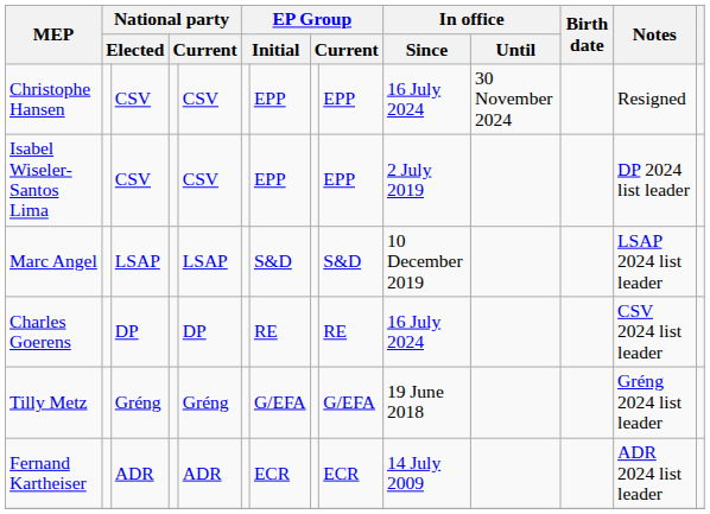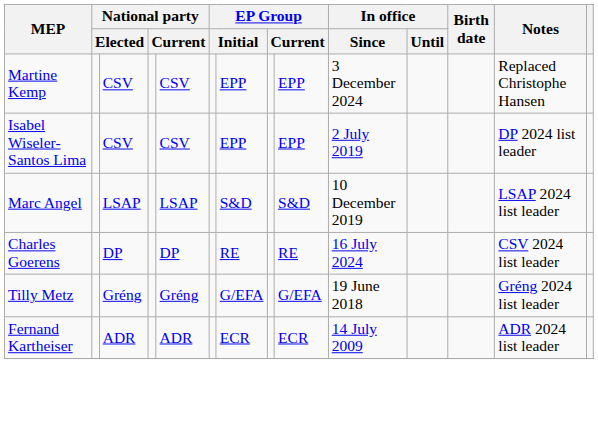 <table class="wikitable sortable" style="text-align:left">
 <tr>
 <th rowspan="2">MEP</th>
 <th colspan="4">National party</th>
 <th colspan="4"><a href='#'>EP Group</a></th>
 <th colspan="2">In office</th>
 <th rowspan="2">Birth date</th>
 <th rowspan="2">Notes</th>
 <th rowspan="2" class="unsortable"></th>
 </tr>
 <tr>
 <th colspan="2">Elected</th>
 <th colspan="2">Current</th>
 <th colspan="2">Initial</th>
 <th colspan="2">Current</th>
 <th>Since</th>
 <th>Until</th>
 </tr>
 <tr>
-<td><a href='#'>Christophe Hansen</a></td>
+<td><a href='#'>Martine Kemp</a></td>
 <td style="background: "></td>
 <td><a href='#'>CSV</a></td>
 <td style="background: "></td>
 <td><a href='#'>CSV</a></td>
 <td style="background: "></td>
 <td><a href='#'>EPP</a></td>
 <td style="background: "></td>
 <td><a href='#'>EPP</a></td>
-<td><a href='#'>16 July 2024</a></td>
-<td>30 November 2024</td>
+<td>3 December 2024</td>
 <td></td>
-<td>Resigned</td>
+<td></td>
+<td>Replaced Christophe Hansen</td>
 <td></td>
 </tr>
 <tr>
 <td><a href='#'>Isabel Wiseler-Santos Lima</a></td>
 <td style="background: "></td>
 <td><a href='#'>CSV</a></td>
 <td style="background: "></td>
 <td><a href='#'>CSV</a></td>
 <td style="background: "></td>
 <td><a href='#'>EPP</a></td>
 <td style="background: "></td>
 <td><a href='#'>EPP</a></td>
 <td><a href='#'>2 July 2019</a></td>
 <td></td>
 <td></td>
 <td><a href='#'>DP</a> 2024 list leader</td>
 <td></td>
 </tr>
 <tr>
 <td><a href='#'>Marc Angel</a></td>
 <td style="background: "></td>
 <td><a href='#'>LSAP</a></td>
 <td style="background: "></td>
 <td><a href='#'>LSAP</a></td>
 <td style="background: "></td>
 <td><a href='#'>S&D</a></td>
 <td style="background: "></td>
 <td><a href='#'>S&D</a></td>
 <td>10 December 2019</td>
 <td></td>
 <td></td>
 <td><a href='#'>LSAP</a> 2024 list leader</td>
 <td></td>
 </tr>
 <tr>
 <td><a href='#'>Charles Goerens</a></td>
 <td style="background: "></td>
 <td><a href='#'>DP</a></td>
 <td style="background: "></td>
 <td><a href='#'>DP</a></td>
 <td style="background: "></td>
 <td><a href='#'>RE</a></td>
 <td style="background: "></td>
 <td><a href='#'>RE</a></td>
 <td><a href='#'>16 July 2024</a></td>
 <td></td>
 <td></td>
 <td><a href='#'>CSV</a> 2024 list leader</td>
 <td></td>
 </tr>
 <tr>
 <td><a href='#'>Tilly Metz</a></td>
 <td style="background: "></td>
 <td><a href='#'>Gréng</a></td>
 <td style="background: "></td>
 <td><a href='#'>Gréng</a></td>
 <td style="background: "></td>
 <td><a href='#'>G/EFA</a></td>
 <td style="background: "></td>
 <td><a href='#'>G/EFA</a></td>
 <td>19 June 2018</td>
 <td></td>
 <td></td>
 <td><a href='#'>Gréng</a> 2024 list leader</td>
 <td></td>
 </tr>
 <tr>
 <td><a href='#'>Fernand Kartheiser</a></td>
 <td style="background: "></td>
 <td><a href='#'>ADR</a></td>
 <td style="background: "></td>
 <td><a href='#'>ADR</a></td>
 <td style="background: "></td>
 <td><a href='#'>ECR</a></td>
 <td style="background: "></td>
 <td><a href='#'>ECR</a></td>
 <td><a href='#'>14 July 2009</a></td>
 <td></td>
 <td></td>
 <td><a href='#'>ADR</a> 2024 list leader</td>
 <td></td>
 </tr>
 <tr>
 </tr>
 </table>
